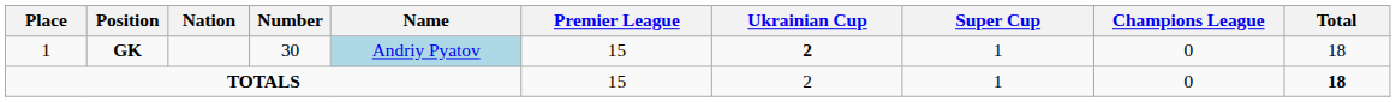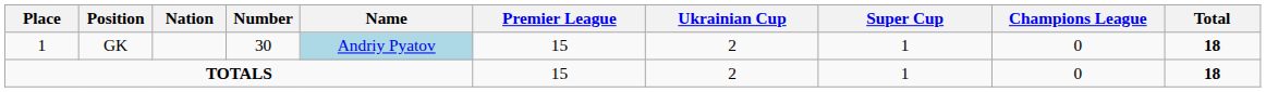 <table class="wikitable" style="font-size: 95%; text-align: center;">
 <tr>
 <th width=60>Place</th>
 <th width=60>Position</th>
 <th width=60>Nation</th>
 <th width=60>Number</th>
 <th width=150>Name</th>
 <th width=150><a href='#'>Premier League</a></th>
 <th width=150><a href='#'>Ukrainian Cup</a></th>
 <th width=150><a href='#'>Super Cup</a></th>
 <th width=150><a href='#'>Champions League</a></th>
 <th width=80>Total</th>
 </tr>
 <tr>
 <td>1</td>
-<td><strong>GK</strong></td>
+<td>GK</td>
 <td></td>
 <td>30</td>
 <td style="background: lightblue;"><a href='#'>Andriy Pyatov</a></td>
 <td>15</td>
-<td><strong>2</strong></td>
+<td>2</td>
 <td>1</td>
 <td>0</td>
-<td>18</td>
+<td><strong>18</strong></td>
 </tr>
 <tr>
 <td colspan="5"><strong>TOTALS</strong></td>
 <td>15</td>
 <td>2</td>
 <td>1</td>
 <td>0</td>
 <td><strong>18</strong></td>
 </tr>
 </table>
